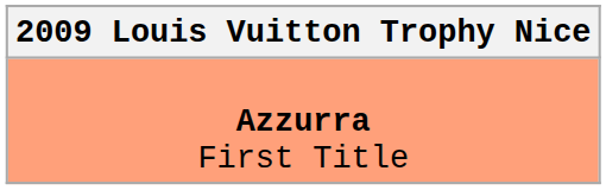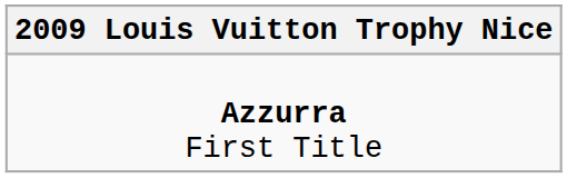 <table class="wikitable" style="text-align: center; margin: 0 auto;">
 <tr>
 <th>2009 Louis Vuitton Trophy Nice</th>
 </tr>
 <tr>
-<td style="background: lightsalmon;"><br><strong>Azzurra</strong><br>First Title</td>
+<td><br><strong>Azzurra</strong><br>First Title</td>
 </tr>
 </table>
